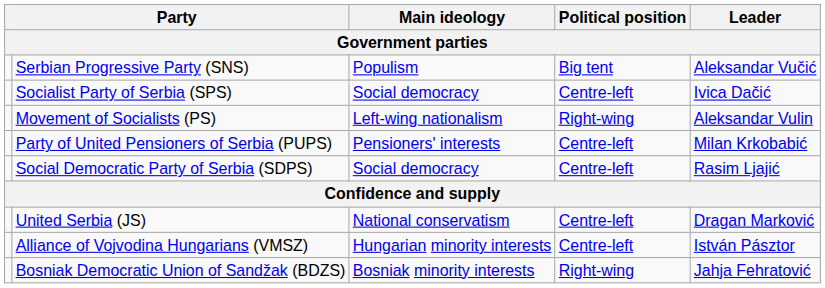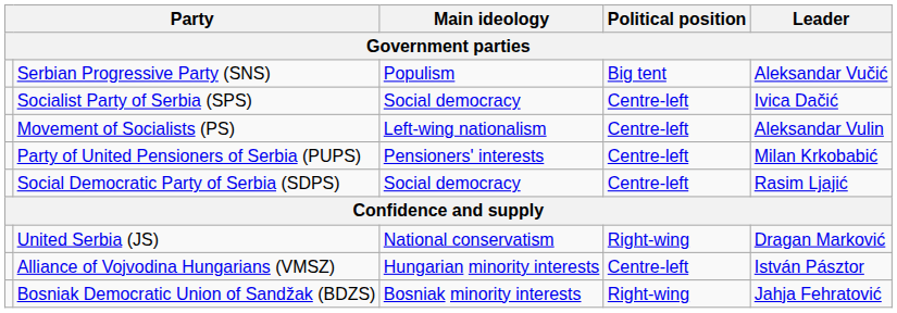 <table class="wikitable" style="font-size:95%">
 <tr>
 <th colspan="2">Party</th>
 <th>Main ideology</th>
 <th>Political position</th>
 <th>Leader</th>
 </tr>
 <tr>
 <th colspan="5">Government parties</th>
 </tr>
 <tr>
 <td style="background:"></td>
 <td><a href='#'>Serbian Progressive Party</a> (SNS)</td>
 <td><a href='#'>Populism</a></td>
 <td><a href='#'>Big tent</a></td>
 <td><a href='#'>Aleksandar Vučić</a></td>
 </tr>
 <tr>
 <td style="background:"></td>
 <td><a href='#'>Socialist Party of Serbia</a> (SPS)</td>
 <td><a href='#'>Social democracy</a></td>
 <td><a href='#'>Centre-left</a></td>
 <td><a href='#'>Ivica Dačić</a></td>
 </tr>
 <tr>
 <td style="background:"></td>
 <td><a href='#'>Movement of Socialists</a> (PS)</td>
 <td><a href='#'>Left-wing nationalism</a></td>
-<td><a href='#'>Right-wing</a></td>
+<td><a href='#'>Centre-left</a></td>
 <td><a href='#'>Aleksandar Vulin</a></td>
 </tr>
 <tr>
 <td style="background:"></td>
 <td><a href='#'>Party of United Pensioners of Serbia</a> (PUPS)</td>
 <td><a href='#'>Pensioners' interests</a></td>
 <td><a href='#'>Centre-left</a></td>
 <td><a href='#'>Milan Krkobabić</a></td>
 </tr>
 <tr>
 <td style="background:"></td>
 <td><a href='#'>Social Democratic Party of Serbia</a> (SDPS)</td>
 <td><a href='#'>Social democracy</a></td>
 <td><a href='#'>Centre-left</a></td>
 <td><a href='#'>Rasim Ljajić</a></td>
 </tr>
 <tr>
 <th colspan="5">Confidence and supply</th>
 </tr>
 <tr>
 <td style="background:"></td>
 <td><a href='#'>United Serbia</a> (JS)</td>
 <td><a href='#'>National conservatism</a></td>
-<td><a href='#'>Centre-left</a></td>
+<td><a href='#'>Right-wing</a></td>
 <td><a href='#'>Dragan Marković</a></td>
 </tr>
 <tr>
 <td style="background:"></td>
 <td><a href='#'>Alliance of Vojvodina Hungarians</a> (VMSZ)</td>
 <td><a href='#'>Hungarian</a> <a href='#'>minority interests</a></td>
 <td><a href='#'>Centre-left</a></td>
 <td><a href='#'>István Pásztor</a></td>
 </tr>
 <tr>
 <td style="background:"></td>
 <td><a href='#'>Bosniak Democratic Union of Sandžak</a> (BDZS)</td>
 <td><a href='#'>Bosniak</a> <a href='#'>minority interests</a></td>
 <td><a href='#'>Right-wing</a></td>
 <td><a href='#'>Jahja Fehratović</a></td>
 </tr>
 </table>
